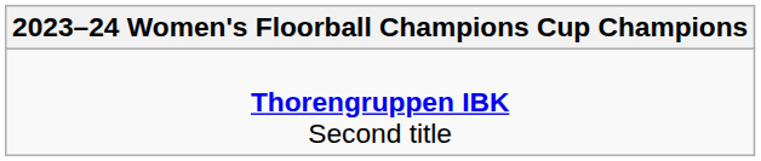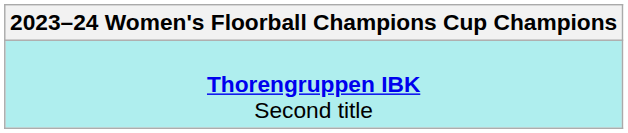 <table class=wikitable style="text-align:center; margin:auto">
 <tr>
 <th>2023–24 Women's Floorball Champions Cup Champions</th>
 </tr>
 <tr>
-<td> <br><strong><a href='#'>Thorengruppen IBK</a></strong><br>Second title</td>
+<td style="background: paleturquoise;"> <br><strong><a href='#'>Thorengruppen IBK</a></strong><br>Second title</td>
 </tr>
 </table>
